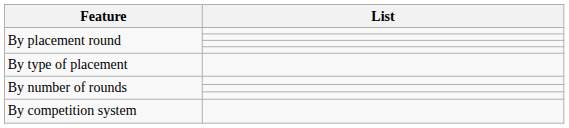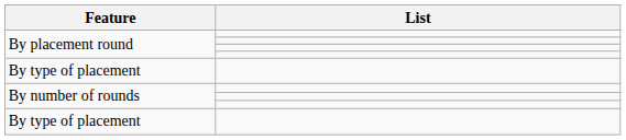 <table class="wikitable sortable" style="font-size: 95%;">
 <tr>
 <th style="width:10%;">Feature</th>
 <th style="width:20%;">List</th>
 </tr>
 <tr>
 <td rowspan="4">By placement round</td>
 <td></td>
 </tr>
 <tr>
 <td></td>
 </tr>
 <tr>
 <td></td>
 </tr>
 <tr>
 <td></td>
 </tr>
 <tr>
 <td>By type of placement</td>
 <td></td>
 </tr>
 <tr>
 <td rowspan="3">By number of rounds</td>
 <td></td>
 </tr>
 <tr>
 <td></td>
 </tr>
 <tr>
 <td></td>
 </tr>
 <tr>
-<td>By competition system</td>
+<td>By type of placement</td>
 <td></td>
 </tr>
 </table>
